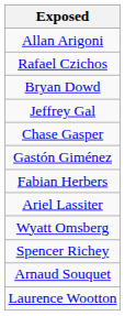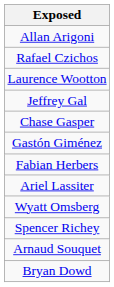 <table class="wikitable" style="text-align:center">
 <tr>
 <th>Exposed</th>
 </tr>
 <tr>
 <td><a href='#'>Allan Arigoni</a></td>
 </tr>
 <tr>
 <td><a href='#'>Rafael Czichos</a></td>
 </tr>
 <tr>
-<td><a href='#'>Bryan Dowd</a></td>
+<td><a href='#'>Laurence Wootton</a></td>
 </tr>
 <tr>
 <td><a href='#'>Jeffrey Gal</a></td>
 </tr>
 <tr>
 <td><a href='#'>Chase Gasper</a></td>
 </tr>
 <tr>
 <td><a href='#'>Gastón Giménez</a></td>
 </tr>
 <tr>
 <td><a href='#'>Fabian Herbers</a></td>
 </tr>
 <tr>
 <td><a href='#'>Ariel Lassiter</a></td>
 </tr>
 <tr>
 <td><a href='#'>Wyatt Omsberg</a></td>
 </tr>
 <tr>
 <td><a href='#'>Spencer Richey</a></td>
 </tr>
 <tr>
 <td><a href='#'>Arnaud Souquet</a></td>
 </tr>
 <tr>
-<td><a href='#'>Laurence Wootton</a></td>
+<td><a href='#'>Bryan Dowd</a></td>
 </tr>
 </table>
